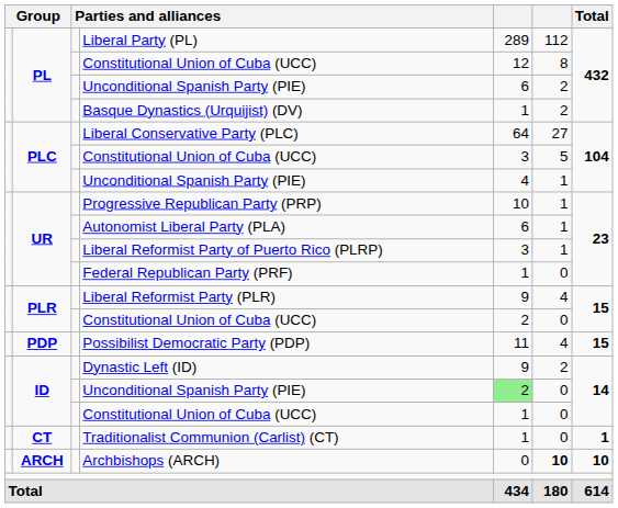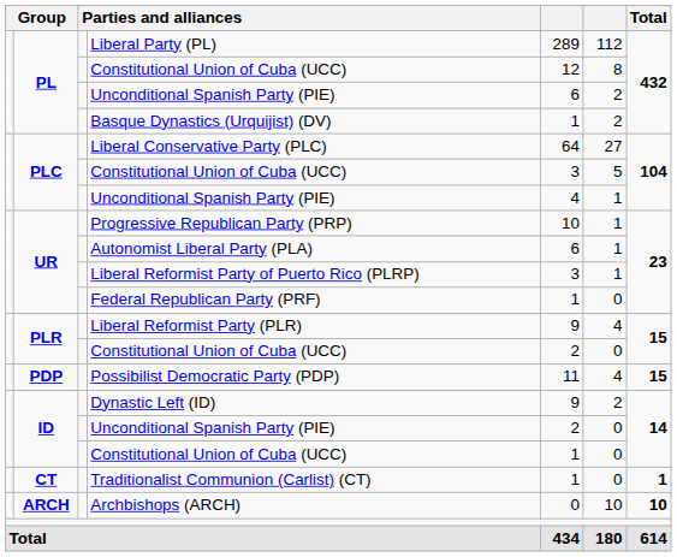 <table class="wikitable" style="text-align:right;">
 <tr>
 <th colspan="2" width="65">Group</th>
 <th style="text-align:left;" colspan="2" width="450">Parties and alliances</th>
 <th width="35"></th>
 <th width="35"></th>
 <th width="35">Total</th>
 </tr>
 <tr>
 <td rowspan="4" width="1"></td>
 <td rowspan="4" align="center"><strong><a href='#'>PL</a></strong></td>
 <td width="1" style="color:inherit;background:"></td>
 <td align="left"><a href='#'>Liberal Party</a> (PL)</td>
 <td>289</td>
 <td>112</td>
 <td rowspan="4"><strong>432</strong></td>
 </tr>
 <tr>
 <td style="color:inherit;background:"></td>
 <td align="left"><a href='#'>Constitutional Union of Cuba</a> (UCC)</td>
 <td>12</td>
 <td>8</td>
 </tr>
 <tr>
 <td style="color:inherit;background:"></td>
 <td align="left"><a href='#'>Unconditional Spanish Party</a> (PIE)</td>
 <td>6</td>
 <td>2</td>
 </tr>
 <tr>
 <td style="color:inherit;background:"></td>
 <td align="left"><a href='#'>Basque Dynastics (Urquijist)</a> (DV)</td>
 <td>1</td>
 <td>2</td>
 </tr>
 <tr>
 <td rowspan="3" style="color:inherit;background:"></td>
 <td rowspan="3" align="center"><strong><a href='#'>PLC</a></strong></td>
 <td style="color:inherit;background:"></td>
 <td align="left"><a href='#'>Liberal Conservative Party</a> (PLC)</td>
 <td>64</td>
 <td>27</td>
 <td rowspan="3"><strong>104</strong></td>
 </tr>
 <tr>
 <td style="color:inherit;background:"></td>
 <td align="left"><a href='#'>Constitutional Union of Cuba</a> (UCC)</td>
 <td>3</td>
 <td>5</td>
 </tr>
 <tr>
 <td style="color:inherit;background:"></td>
 <td align="left"><a href='#'>Unconditional Spanish Party</a> (PIE)</td>
 <td>4</td>
 <td>1</td>
 </tr>
 <tr>
 <td rowspan="4" style="color:inherit;background:"></td>
 <td rowspan="4" align="center"><strong><a href='#'>UR</a></strong></td>
 <td style="color:inherit;background:"></td>
 <td align="left"><a href='#'>Progressive Republican Party</a> (PRP)</td>
 <td>10</td>
 <td>1</td>
 <td rowspan="4"><strong>23</strong></td>
 </tr>
 <tr>
 <td style="color:inherit;background:"></td>
 <td align="left"><a href='#'>Autonomist Liberal Party</a> (PLA)</td>
 <td>6</td>
 <td>1</td>
 </tr>
 <tr>
 <td style="color:inherit;background:"></td>
 <td align="left"><a href='#'>Liberal Reformist Party of Puerto Rico</a> (PLRP)</td>
 <td>3</td>
 <td>1</td>
 </tr>
 <tr>
 <td style="color:inherit;background:"></td>
 <td align="left"><a href='#'>Federal Republican Party</a> (PRF)</td>
 <td>1</td>
 <td>0</td>
 </tr>
 <tr>
 <td rowspan="2" style="color:inherit;background:"></td>
 <td rowspan="2" align="center"><strong><a href='#'>PLR</a></strong></td>
 <td style="color:inherit;background:"></td>
 <td align="left"><a href='#'>Liberal Reformist Party</a> (PLR)</td>
 <td>9</td>
 <td>4</td>
 <td rowspan="2"><strong>15</strong></td>
 </tr>
 <tr>
 <td style="color:inherit;background:"></td>
 <td align="left"><a href='#'>Constitutional Union of Cuba</a> (UCC)</td>
 <td>2</td>
 <td>0</td>
 </tr>
 <tr>
 <td style="color:inherit;background:"></td>
 <td align="center"><strong><a href='#'>PDP</a></strong></td>
 <td style="color:inherit;background:"></td>
 <td align="left"><a href='#'>Possibilist Democratic Party</a> (PDP)</td>
 <td>11</td>
 <td>4</td>
 <td><strong>15</strong></td>
 </tr>
 <tr>
 <td rowspan="3" style="color:inherit;background:"></td>
 <td rowspan="3" align="center"><strong><a href='#'>ID</a></strong></td>
 <td style="color:inherit;background:"></td>
 <td align="left"><a href='#'>Dynastic Left</a> (ID)</td>
 <td>9</td>
 <td>2</td>
 <td rowspan="3"><strong>14</strong></td>
 </tr>
 <tr>
 <td style="color:inherit;background:"></td>
 <td align="left"><a href='#'>Unconditional Spanish Party</a> (PIE)</td>
-<td style="background: lightgreen;">2</td>
+<td>2</td>
 <td>0</td>
 </tr>
 <tr>
 <td style="color:inherit;background:"></td>
 <td align="left"><a href='#'>Constitutional Union of Cuba</a> (UCC)</td>
 <td>1</td>
 <td>0</td>
 </tr>
 <tr>
 <td style="color:inherit;background:"></td>
 <td align="center"><strong><a href='#'>CT</a></strong></td>
 <td style="color:inherit;background:"></td>
 <td align="left"><a href='#'>Traditionalist Communion (Carlist)</a> (CT)</td>
 <td>1</td>
 <td>0</td>
 <td><strong>1</strong></td>
 </tr>
 <tr>
 <td style="color:inherit;background:"></td>
 <td align="center"><strong><a href='#'>ARCH</a></strong></td>
 <td style="color:inherit;background:"></td>
 <td align="left"><a href='#'>Archbishops</a> (ARCH)</td>
 <td>0</td>
-<td><strong>10</strong></td>
+<td>10</td>
 <td><strong>10</strong></td>
 </tr>
 <tr>
 <td colspan="7"></td>
 </tr>
 <tr style="background:#E4E4E4; font-weight:bold;">
 <td align="left" colspan="4">Total</td>
 <td>434</td>
 <td>180</td>
 <td>614</td>
 </tr>
 </table>
